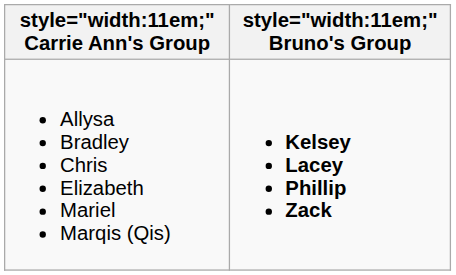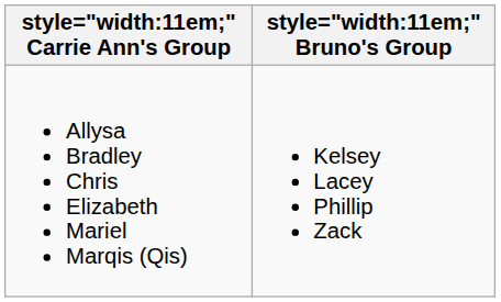 <table class="wikitable" style="width:22em;">
 <tr>
 <th>style="width:11em;" <strong>Carrie Ann's Group</strong></th>
 <th>style="width:11em;" <strong>Bruno's Group</strong></th>
 </tr>
 <tr>
 <td><br><ul><li>Allysa</li><li>Bradley</li><li>Chris</li><li>Elizabeth</li><li>Mariel</li><li>Marqis (Qis)</li></ul></td>
-<td><strong><br><ul><li>Kelsey</li><li>Lacey</li><li>Phillip</li><li>Zack</li></ul></strong></td>
+<td><br><ul><li>Kelsey</li><li>Lacey</li><li>Phillip</li><li>Zack</li></ul></td>
 </tr>
 </table>
